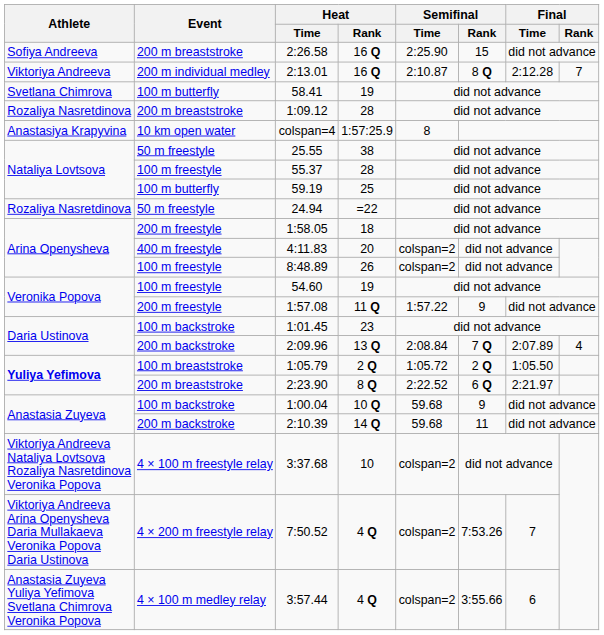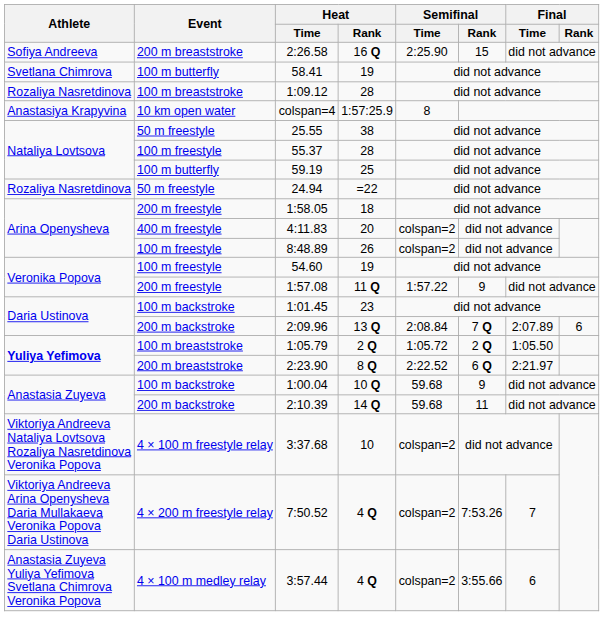 <table class=wikitable style="font-size:90%">
 <tr>
 <th rowspan="2">Athlete</th>
 <th rowspan="2">Event</th>
 <th colspan="2">Heat</th>
 <th colspan="2">Semifinal</th>
 <th colspan="2">Final</th>
 </tr>
 <tr style="font-size:95%">
 <th>Time</th>
 <th>Rank</th>
 <th>Time</th>
 <th>Rank</th>
 <th>Time</th>
 <th>Rank</th>
 </tr>
 <tr align=center>
 <td align=left><a href='#'>Sofiya Andreeva</a></td>
 <td align=left><a href='#'>200 m breaststroke</a></td>
 <td>2:26.58</td>
 <td>16 <strong>Q</strong></td>
 <td>2:25.90</td>
 <td>15</td>
 <td colspan=2>did not advance</td>
 </tr>
 <tr align=center>
-<td align=left><a href='#'>Viktoriya Andreeva</a></td>
-<td align=left><a href='#'>200 m individual medley</a></td>
-<td>2:13.01</td>
-<td>16 <strong>Q</strong></td>
-<td>2:10.87</td>
-<td>8 <strong>Q</strong></td>
-<td>2:12.28</td>
-<td>7</td>
-</tr>
-<tr align=center>
 <td align=left><a href='#'>Svetlana Chimrova</a></td>
 <td align=left><a href='#'>100 m butterfly</a></td>
 <td>58.41</td>
 <td>19</td>
 <td colspan=4>did not advance</td>
 </tr>
 <tr align=center>
 <td align=left><a href='#'>Rozaliya Nasretdinova</a></td>
-<td align=left><a href='#'>200 m breaststroke</a></td>
+<td align=left><a href='#'>100 m breaststroke</a></td>
 <td>1:09.12</td>
 <td>28</td>
 <td colspan=4>did not advance</td>
 </tr>
 <tr align=center>
 <td align=left><a href='#'>Anastasiya Krapyvina</a></td>
 <td align=left><a href='#'>10 km open water</a></td>
 <td>colspan=4 </td>
 <td>1:57:25.9</td>
 <td>8</td>
 </tr>
 <tr align=center>
 <td align=left rowspan=3><a href='#'>Nataliya Lovtsova</a></td>
 <td align=left><a href='#'>50 m freestyle</a></td>
 <td>25.55</td>
 <td>38</td>
 <td colspan=4>did not advance</td>
 </tr>
 <tr align=center>
 <td align=left><a href='#'>100 m freestyle</a></td>
 <td>55.37</td>
 <td>28</td>
 <td colspan=4>did not advance</td>
 </tr>
 <tr align=center>
 <td align=left><a href='#'>100 m butterfly</a></td>
 <td>59.19</td>
 <td>25</td>
 <td colspan=4>did not advance</td>
 </tr>
 <tr align=center>
 <td align=left><a href='#'>Rozaliya Nasretdinova</a></td>
 <td align=left><a href='#'>50 m freestyle</a></td>
 <td>24.94</td>
 <td>=22</td>
 <td colspan=4>did not advance</td>
 </tr>
 <tr align=center>
 <td align=left rowspan=3><a href='#'>Arina Openysheva</a></td>
 <td align=left><a href='#'>200 m freestyle</a></td>
 <td>1:58.05</td>
 <td>18</td>
 <td colspan=4>did not advance</td>
 </tr>
 <tr align=center>
 <td align=left><a href='#'>400 m freestyle</a></td>
 <td>4:11.83</td>
 <td>20</td>
 <td>colspan=2 </td>
 <td colspan=2>did not advance</td>
 </tr>
 <tr align=center>
 <td align=left><a href='#'>100 m freestyle</a></td>
 <td>8:48.89</td>
 <td>26</td>
 <td>colspan=2 </td>
 <td colspan=2>did not advance</td>
 </tr>
 <tr align=center>
 <td align=left rowspan=2><a href='#'>Veronika Popova</a></td>
 <td align=left><a href='#'>100 m freestyle</a></td>
 <td>54.60</td>
 <td>19</td>
 <td colspan=4>did not advance</td>
 </tr>
 <tr align=center>
 <td align=left><a href='#'>200 m freestyle</a></td>
 <td>1:57.08</td>
 <td>11 <strong>Q</strong></td>
 <td>1:57.22</td>
 <td>9</td>
 <td colspan=2>did not advance</td>
 </tr>
 <tr align=center>
 <td align=left rowspan=2><a href='#'>Daria Ustinova</a></td>
 <td align=left><a href='#'>100 m backstroke</a></td>
 <td>1:01.45</td>
 <td>23</td>
 <td colspan=4>did not advance</td>
 </tr>
 <tr align=center>
 <td align=left><a href='#'>200 m backstroke</a></td>
 <td>2:09.96</td>
 <td>13 <strong>Q</strong></td>
 <td>2:08.84</td>
 <td>7 <strong>Q</strong></td>
 <td>2:07.89</td>
-<td>4</td>
+<td>6</td>
 </tr>
 <tr align=center>
 <td align=left rowspan=2><strong><a href='#'>Yuliya Yefimova</a></strong></td>
 <td align=left><a href='#'>100 m breaststroke</a></td>
 <td>1:05.79</td>
 <td>2 <strong>Q</strong></td>
 <td>1:05.72</td>
 <td>2 <strong>Q</strong></td>
 <td>1:05.50</td>
 <td></td>
 </tr>
 <tr align=center>
 <td align=left><a href='#'>200 m breaststroke</a></td>
 <td>2:23.90</td>
 <td>8 <strong>Q</strong></td>
 <td>2:22.52</td>
 <td>6 <strong>Q</strong></td>
 <td>2:21.97</td>
 <td></td>
 </tr>
 <tr align=center>
 <td align=left rowspan=2><a href='#'>Anastasia Zuyeva</a></td>
 <td align=left><a href='#'>100 m backstroke</a></td>
 <td>1:00.04</td>
 <td>10 <strong>Q</strong></td>
 <td>59.68</td>
 <td>9</td>
 <td colspan=2>did not advance</td>
 </tr>
 <tr align=center>
 <td align=left><a href='#'>200 m backstroke</a></td>
 <td>2:10.39</td>
 <td>14 <strong>Q</strong></td>
 <td>59.68</td>
 <td>11</td>
 <td colspan=2>did not advance</td>
 </tr>
 <tr align=center>
 <td align=left><a href='#'>Viktoriya Andreeva</a><br><a href='#'>Nataliya Lovtsova</a><br><a href='#'>Rozaliya Nasretdinova</a><br><a href='#'>Veronika Popova</a></td>
 <td align=left><a href='#'>4 × 100 m freestyle relay</a></td>
 <td>3:37.68</td>
 <td>10</td>
 <td>colspan=2 </td>
 <td colspan=2>did not advance</td>
 </tr>
 <tr align=center>
 <td align=left><a href='#'>Viktoriya Andreeva</a><br><a href='#'>Arina Openysheva</a><br><a href='#'>Daria Mullakaeva</a><br><a href='#'>Veronika Popova</a><br><a href='#'>Daria Ustinova</a></td>
 <td align=left><a href='#'>4 × 200 m freestyle relay</a></td>
 <td>7:50.52</td>
 <td>4 <strong>Q</strong></td>
 <td>colspan=2 </td>
 <td>7:53.26</td>
 <td>7</td>
 </tr>
 <tr align=center>
 <td align=left><a href='#'>Anastasia Zuyeva</a><br><a href='#'>Yuliya Yefimova</a><br><a href='#'>Svetlana Chimrova</a><br><a href='#'>Veronika Popova</a></td>
 <td align=left><a href='#'>4 × 100 m medley relay</a></td>
 <td>3:57.44</td>
 <td>4 <strong>Q</strong></td>
 <td>colspan=2 </td>
 <td>3:55.66</td>
 <td>6</td>
 </tr>
 </table>
